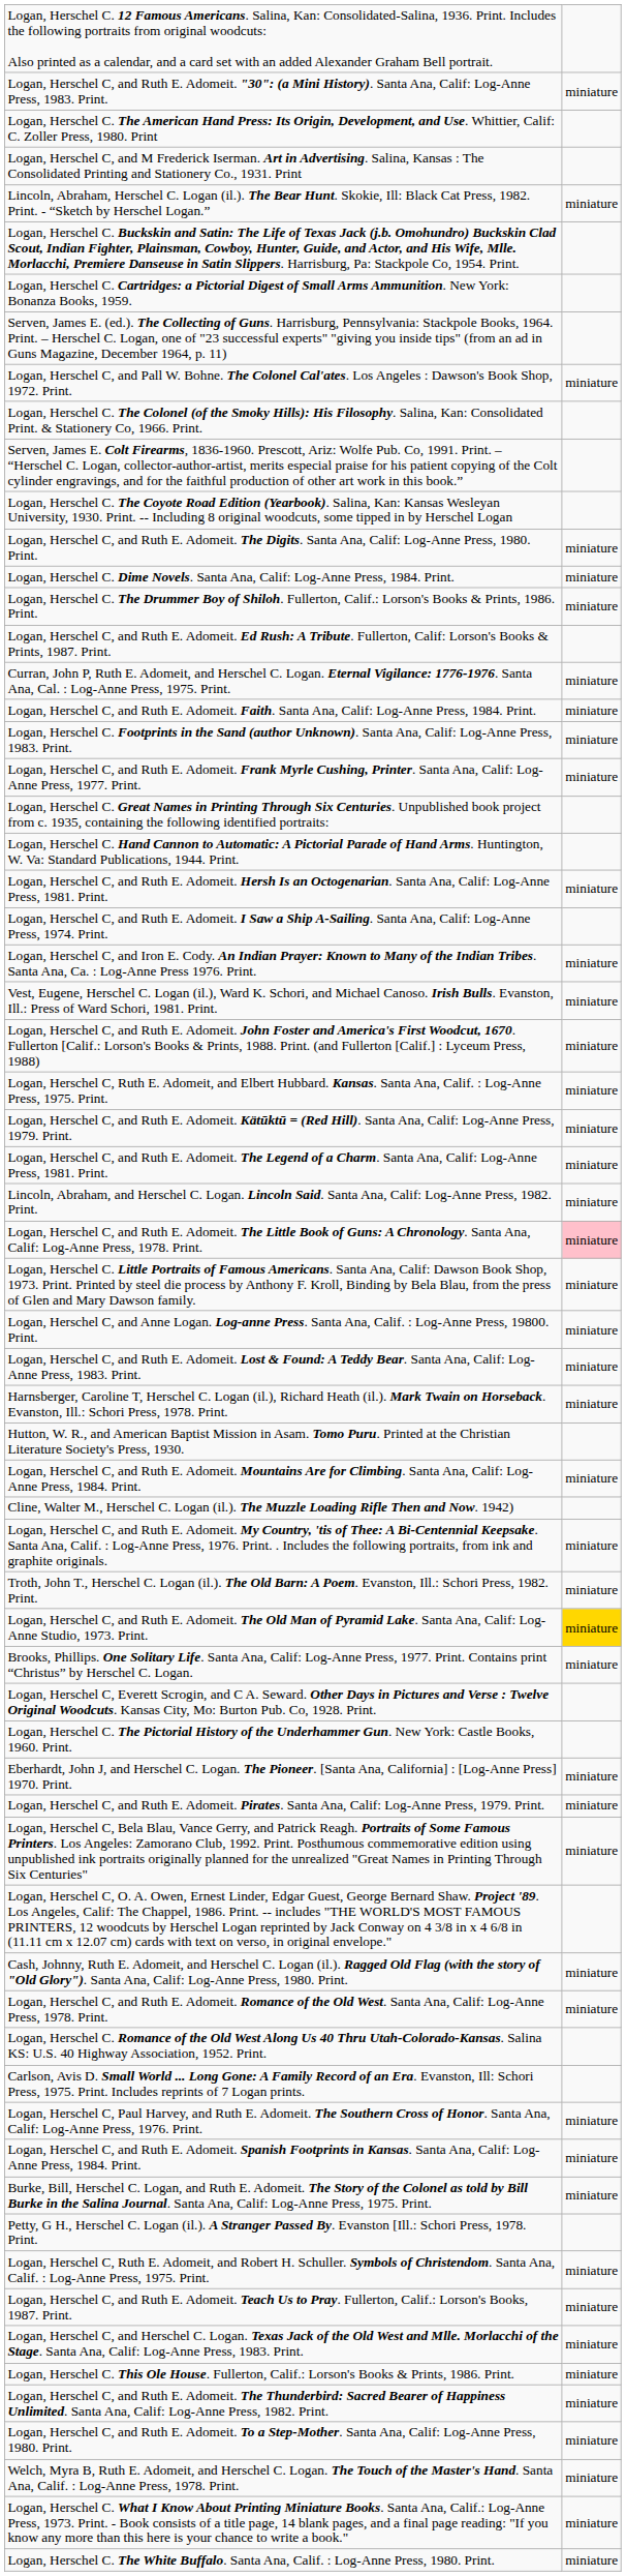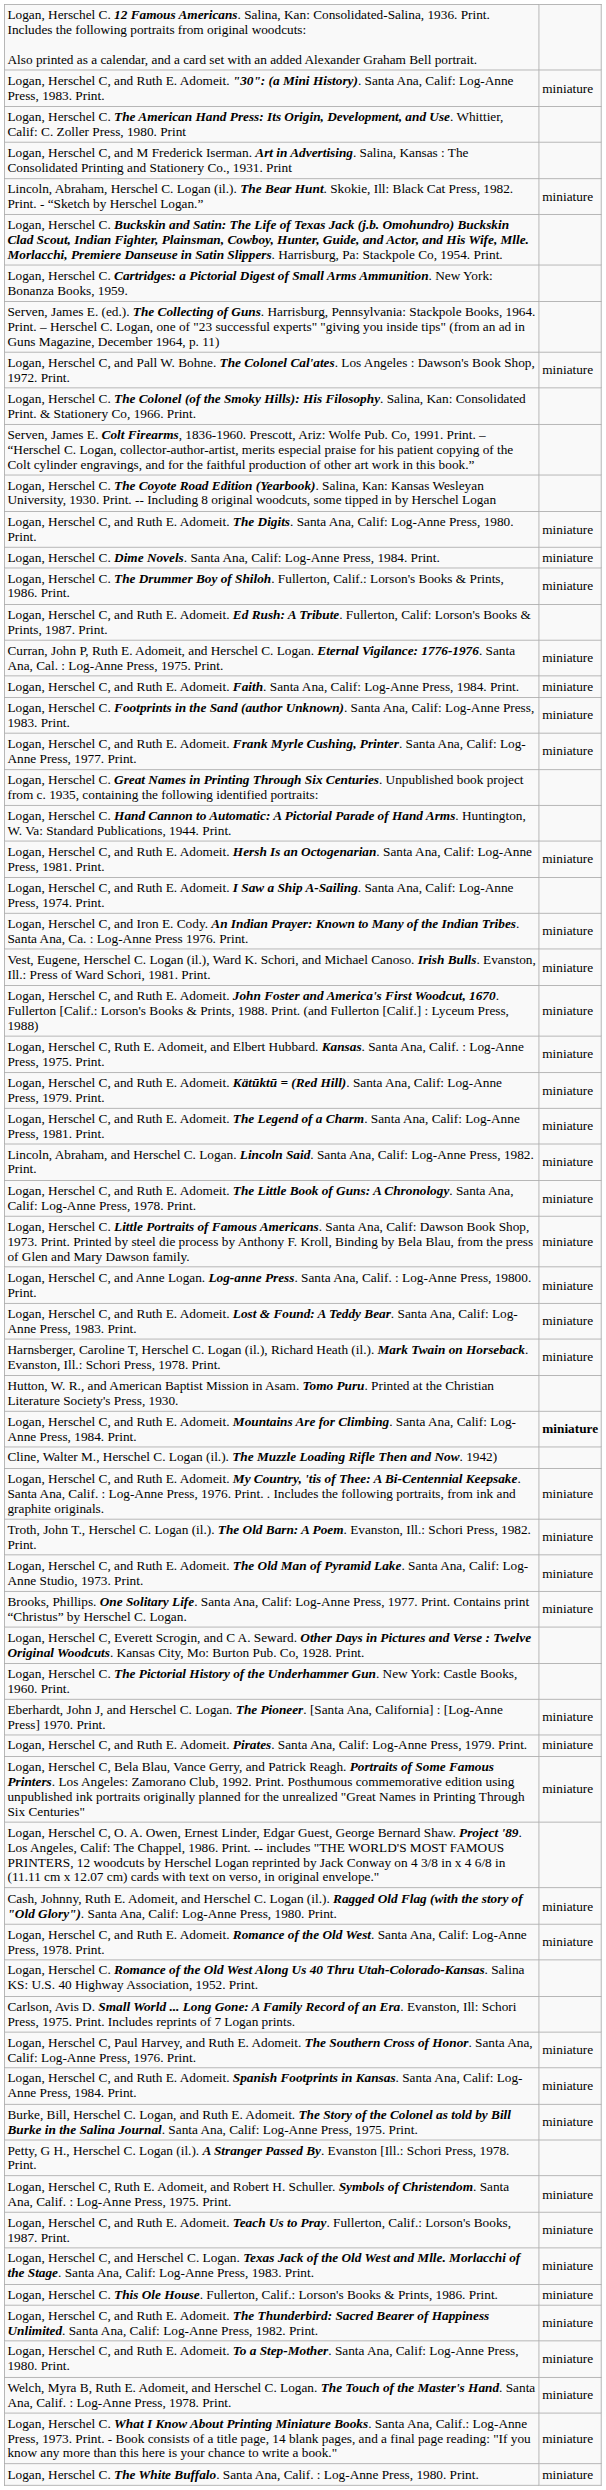 <table class="wikitable" style="max-width: 720px">
 <tr>
 <td>Logan, Herschel C. <strong><em>12 Famous Americans</em></strong>. Salina, Kan: Consolidated-Salina, 1936. Print. Includes the following portraits from original woodcuts:<br><br>Also printed as a calendar, and a card set with an added Alexander Graham Bell portrait.</td>
 <td></td>
 </tr>
 <tr>
 <td>Logan, Herschel C, and Ruth E. Adomeit. <strong><em>"30": (a Mini History)</em></strong>. Santa Ana, Calif: Log-Anne Press, 1983. Print.</td>
 <td><span>miniature</span></td>
 </tr>
 <tr>
 <td>Logan, Herschel C. <strong><em>The American Hand Press: Its Origin, Development, and Use</em></strong>. Whittier, Calif: C. Zoller Press, 1980. Print</td>
 <td></td>
 </tr>
 <tr>
 <td>Logan, Herschel C, and M Frederick Iserman. <strong><em>Art in Advertising</em></strong>. Salina, Kansas : The Consolidated Printing and Stationery Co., 1931. Print</td>
 <td></td>
 </tr>
 <tr>
 <td>Lincoln, Abraham, Herschel C. Logan (il.). <strong><em>The Bear Hunt</em></strong>. Skokie, Ill: Black Cat Press, 1982. Print. - “Sketch by Herschel Logan.”</td>
 <td><span>miniature</span></td>
 </tr>
 <tr>
 <td>Logan, Herschel C. <strong><em>Buckskin and Satin: The Life of Texas Jack (j.b. Omohundro) Buckskin Clad Scout, Indian Fighter, Plainsman, Cowboy, Hunter, Guide, and Actor, and His Wife, Mlle. Morlacchi, Premiere Danseuse in Satin Slippers</em></strong>. Harrisburg, Pa: Stackpole Co, 1954. Print.</td>
 <td></td>
 </tr>
 <tr>
 <td>Logan, Herschel C. <strong><em>Cartridges: a Pictorial Digest of Small Arms Ammunition</em></strong>. New York: Bonanza Books, 1959.</td>
 <td></td>
 </tr>
 <tr>
 <td>Serven, James E. (ed.). <strong><em>The Collecting of Guns</em></strong>. Harrisburg, Pennsylvania: Stackpole Books, 1964. Print. – Herschel C. Logan, one of "23 successful experts" "giving you inside tips" (from an ad in Guns Magazine, December 1964, p. 11)</td>
 <td></td>
 </tr>
 <tr>
 <td>Logan, Herschel C, and Pall W. Bohne. <strong><em>The Colonel Cal'ates</em></strong>. Los Angeles : Dawson's Book Shop, 1972. Print. </td>
 <td><span>miniature</span></td>
 </tr>
 <tr>
 <td>Logan, Herschel C. <strong><em>The Colonel (of the Smoky Hills): His Filosophy</em></strong>. Salina, Kan: Consolidated Print. & Stationery Co, 1966. Print. </td>
 <td></td>
 </tr>
 <tr>
 <td>Serven, James E. <strong><em>Colt Firearms</em></strong>, 1836-1960. Prescott, Ariz: Wolfe Pub. Co, 1991. Print. – “Herschel C. Logan, collector-author-artist, merits especial praise for his patient copying of the Colt cylinder engravings, and for the faithful production of other art work in this book.”</td>
 <td></td>
 </tr>
 <tr>
 <td>Logan, Herschel C. <strong><em>The Coyote Road Edition (Yearbook)</em></strong>. Salina, Kan: Kansas Wesleyan University, 1930. Print. -- Including 8 original woodcuts, some tipped in by Herschel Logan</td>
 <td></td>
 </tr>
 <tr>
 <td>Logan, Herschel C, and Ruth E. Adomeit. <strong><em>The Digits</em></strong>. Santa Ana, Calif: Log-Anne Press, 1980. Print.</td>
 <td><span>miniature</span></td>
 </tr>
 <tr>
 <td>Logan, Herschel C. <strong><em>Dime Novels</em></strong>. Santa Ana, Calif: Log-Anne Press, 1984. Print.</td>
 <td><span>miniature</span></td>
 </tr>
 <tr>
 <td>Logan, Herschel C. <strong><em>The Drummer Boy of Shiloh</em></strong>. Fullerton, Calif.: Lorson's Books & Prints, 1986. Print.</td>
 <td><span>miniature</span></td>
 </tr>
 <tr>
 <td>Logan, Herschel C, and Ruth E. Adomeit. <strong><em>Ed Rush: A Tribute</em></strong>. Fullerton, Calif: Lorson's Books & Prints, 1987. Print.</td>
 <td></td>
 </tr>
 <tr>
 <td>Curran, John P, Ruth E. Adomeit, and Herschel C. Logan. <strong><em>Eternal Vigilance: 1776-1976</em></strong>. Santa Ana, Cal. : Log-Anne Press, 1975. Print.</td>
 <td><span>miniature</span></td>
 </tr>
 <tr>
 <td>Logan, Herschel C, and Ruth E. Adomeit. <strong><em>Faith</em></strong>. Santa Ana, Calif: Log-Anne Press, 1984. Print.</td>
 <td><span>miniature</span></td>
 </tr>
 <tr>
 <td>Logan, Herschel C. <strong><em>Footprints in the Sand (author Unknown)</em></strong>. Santa Ana, Calif: Log-Anne Press, 1983. Print.</td>
 <td><span>miniature</span></td>
 </tr>
 <tr>
 <td>Logan, Herschel C, and Ruth E. Adomeit. <strong><em>Frank Myrle Cushing, Printer</em></strong>. Santa Ana, Calif: Log-Anne Press, 1977. Print.</td>
 <td><span>miniature</span></td>
 </tr>
 <tr>
 <td>Logan, Herschel C. <strong><em>Great Names in Printing Through Six Centuries</em></strong>. Unpublished book project from c. 1935, containing the following identified portraits:<br></td>
 <td></td>
 </tr>
 <tr>
 <td>Logan, Herschel C. <strong><em>Hand Cannon to Automatic: A Pictorial Parade of Hand Arms</em></strong>. Huntington, W. Va: Standard Publications, 1944. Print.</td>
 <td></td>
 </tr>
 <tr>
 <td>Logan, Herschel C, and Ruth E. Adomeit. <strong><em>Hersh Is an Octogenarian</em></strong>. Santa Ana, Calif: Log-Anne Press, 1981. Print.</td>
 <td><span>miniature</span></td>
 </tr>
 <tr>
 <td>Logan, Herschel C, and Ruth E. Adomeit. <strong><em>I Saw a Ship A-Sailing</em></strong>. Santa Ana, Calif: Log-Anne Press, 1974. Print.</td>
 <td></td>
 </tr>
 <tr>
 <td>Logan, Herschel C, and Iron E. Cody. <strong><em>An Indian Prayer: Known to Many of the Indian Tribes</em></strong>. Santa Ana, Ca. : Log-Anne Press 1976. Print.</td>
 <td><span>miniature</span></td>
 </tr>
 <tr>
 <td>Vest, Eugene, Herschel C. Logan (il.), Ward K. Schori, and Michael Canoso. <strong><em>Irish Bulls</em></strong>. Evanston, Ill.: Press of Ward Schori, 1981. Print.</td>
 <td><span>miniature</span></td>
 </tr>
 <tr>
 <td>Logan, Herschel C, and Ruth E. Adomeit. <strong><em>John Foster and America's First Woodcut, 1670</em></strong>. Fullerton [Calif.: Lorson's Books & Prints, 1988. Print. (and Fullerton [Calif.] : Lyceum Press, 1988)</td>
 <td><span>miniature</span></td>
 </tr>
 <tr>
 <td>Logan, Herschel C, Ruth E. Adomeit, and Elbert Hubbard. <strong><em>Kansas</em></strong>. Santa Ana, Calif. : Log-Anne Press, 1975. Print.</td>
 <td><span>miniature</span></td>
 </tr>
 <tr>
 <td>Logan, Herschel C, and Ruth E. Adomeit. <strong><em>Kätūktū = (Red Hill)</em></strong>. Santa Ana, Calif: Log-Anne Press, 1979. Print.</td>
 <td><span>miniature</span></td>
 </tr>
 <tr>
 <td>Logan, Herschel C, and Ruth E. Adomeit. <strong><em>The Legend of a Charm</em></strong>. Santa Ana, Calif: Log-Anne Press, 1981. Print.</td>
 <td><span>miniature</span></td>
 </tr>
 <tr>
 <td>Lincoln, Abraham, and Herschel C. Logan. <strong><em>Lincoln Said</em></strong>. Santa Ana, Calif: Log-Anne Press, 1982. Print.</td>
 <td><span>miniature</span></td>
 </tr>
 <tr>
 <td>Logan, Herschel C, and Ruth E. Adomeit. <strong><em>The Little Book of Guns: A Chronology</em></strong>. Santa Ana, Calif: Log-Anne Press, 1978. Print.</td>
-<td style="background: pink;"><span>miniature</span></td>
+<td><span>miniature</span></td>
 </tr>
 <tr>
 <td>Logan, Herschel C. <strong><em>Little Portraits of Famous Americans</em></strong>. Santa Ana, Calif: Dawson Book Shop, 1973. Print. Printed by steel die process by Anthony F. Kroll, Binding by Bela Blau, from the press of Glen and Mary Dawson family.<br></td>
 <td><span>miniature</span></td>
 </tr>
 <tr>
 <td>Logan, Herschel C, and Anne Logan. <strong><em>Log-anne Press</em></strong>. Santa Ana, Calif. : Log-Anne Press, 19800. Print.</td>
 <td><span>miniature</span></td>
 </tr>
 <tr>
 <td>Logan, Herschel C, and Ruth E. Adomeit. <strong><em>Lost & Found: A Teddy Bear</em></strong>. Santa Ana, Calif: Log-Anne Press, 1983. Print.</td>
 <td><span>miniature</span></td>
 </tr>
 <tr>
 <td>Harnsberger, Caroline T, Herschel C. Logan (il.), Richard Heath (il.). <strong><em>Mark Twain on Horseback</em></strong>. Evanston, Ill.: Schori Press, 1978. Print.</td>
 <td><span>miniature</span></td>
 </tr>
 <tr>
 <td>Hutton, W. R., and American Baptist Mission in Asam. <strong><em>Tomo Puru</em></strong>. Printed at the Christian Literature Society's Press, 1930.</td>
 <td></td>
 </tr>
 <tr>
 <td>Logan, Herschel C, and Ruth E. Adomeit. <strong><em>Mountains Are for Climbing</em></strong>. Santa Ana, Calif: Log-Anne Press, 1984. Print.</td>
-<td><span>miniature</span></td>
+<td><strong><span>miniature</span></strong></td>
 </tr>
 <tr>
 <td>Cline, Walter M., Herschel C. Logan (il.). <strong><em>The Muzzle Loading Rifle Then and Now</em></strong>. 1942)</td>
 <td></td>
 </tr>
 <tr>
 <td>Logan, Herschel C, and Ruth E. Adomeit. <strong><em>My Country, 'tis of Thee: A Bi-Centennial Keepsake</em></strong>. Santa Ana, Calif. : Log-Anne Press, 1976. Print. . Includes the following portraits, from ink and graphite originals.<br></td>
 <td><span>miniature</span></td>
 </tr>
 <tr>
 <td>Troth, John T., Herschel C. Logan (il.). <strong><em>The Old Barn: A Poem</em></strong>. Evanston, Ill.: Schori Press, 1982. Print.</td>
 <td><span>miniature</span></td>
 </tr>
 <tr>
 <td>Logan, Herschel C, and Ruth E. Adomeit. <strong><em>The Old Man of Pyramid Lake</em></strong>. Santa Ana, Calif: Log-Anne Studio, 1973. Print.</td>
-<td style="background: gold;"><span>miniature</span></td>
+<td><span>miniature</span></td>
 </tr>
 <tr>
 <td>Brooks, Phillips. <strong><em>One Solitary Life</em></strong>. Santa Ana, Calif: Log-Anne Press, 1977. Print. Contains print “Christus” by Herschel C. Logan. </td>
 <td><span>miniature</span></td>
 </tr>
 <tr>
 <td>Logan, Herschel C, Everett Scrogin, and C A. Seward. <strong><em>Other Days in Pictures and Verse : Twelve Original Woodcuts</em></strong>. Kansas City, Mo: Burton Pub. Co, 1928. Print. </td>
 <td></td>
 </tr>
 <tr>
 <td>Logan, Herschel C. <strong><em>The Pictorial History of the Underhammer Gun</em></strong>. New York: Castle Books, 1960. Print.</td>
 <td></td>
 </tr>
 <tr>
 <td>Eberhardt, John J, and Herschel C. Logan. <strong><em>The Pioneer</em></strong>. [Santa Ana, California] : [Log-Anne Press] 1970. Print.</td>
 <td><span>miniature</span></td>
 </tr>
 <tr>
 <td>Logan, Herschel C, and Ruth E. Adomeit. <strong><em>Pirates</em></strong>. Santa Ana, Calif: Log-Anne Press, 1979. Print.</td>
 <td><span>miniature</span></td>
 </tr>
 <tr>
 <td>Logan, Herschel C, Bela Blau, Vance Gerry, and Patrick Reagh. <strong><em>Portraits of Some Famous Printers</em></strong>. Los Angeles: Zamorano Club, 1992. Print. Posthumous commemorative edition using unpublished ink portraits originally planned for the unrealized "Great Names in Printing Through Six Centuries"<br></td>
 <td><span>miniature</span></td>
 </tr>
 <tr>
 <td>Logan, Herschel C, O. A. Owen, Ernest Linder, Edgar Guest, George Bernard Shaw. <strong><em>Project '89</em></strong>. Los Angeles, Calif: The Chappel, 1986. Print. -- includes "THE WORLD'S MOST FAMOUS PRINTERS, 12 woodcuts by Herschel Logan reprinted by Jack Conway on 4 3/8 in x 4 6/8 in<br>(11.11 cm x 12.07 cm) cards with text on verso, in original envelope."</td>
 <td></td>
 </tr>
 <tr>
 <td>Cash, Johnny, Ruth E. Adomeit, and Herschel C. Logan (il.). <strong><em>Ragged Old Flag (with the story of "Old Glory")</em></strong>. Santa Ana, Calif: Log-Anne Press, 1980. Print.</td>
 <td><span>miniature</span></td>
 </tr>
 <tr>
 <td>Logan, Herschel C, and Ruth E. Adomeit. <strong><em>Romance of the Old West</em></strong>. Santa Ana, Calif: Log-Anne Press, 1978. Print.</td>
 <td><span>miniature</span></td>
 </tr>
 <tr>
 <td>Logan, Herschel C. <strong><em>Romance of the Old West Along Us 40 Thru Utah-Colorado-Kansas</em></strong>. Salina KS: U.S. 40 Highway Association, 1952. Print. </td>
 <td></td>
 </tr>
 <tr>
 <td>Carlson, Avis D. <strong><em>Small World ... Long Gone: A Family Record of an Era</em></strong>. Evanston, Ill: Schori Press, 1975. Print. Includes reprints of 7 Logan prints.</td>
 <td></td>
 </tr>
 <tr>
 <td>Logan, Herschel C, Paul Harvey, and Ruth E. Adomeit. <strong><em>The Southern Cross of Honor</em></strong>. Santa Ana, Calif: Log-Anne Press, 1976. Print.</td>
 <td><span>miniature</span></td>
 </tr>
 <tr>
 <td>Logan, Herschel C, and Ruth E. Adomeit. <strong><em>Spanish Footprints in Kansas</em></strong>. Santa Ana, Calif: Log-Anne Press, 1984. Print.</td>
 <td><span>miniature</span></td>
 </tr>
 <tr>
 <td>Burke, Bill, Herschel C. Logan, and Ruth E. Adomeit. <strong><em>The Story of the Colonel as told by Bill Burke in the Salina Journal</em></strong>. Santa Ana, Calif: Log-Anne Press, 1975. Print.  </td>
 <td><span>miniature</span></td>
 </tr>
 <tr>
 <td>Petty, G H., Herschel C. Logan (il.). <strong><em>A Stranger Passed By</em></strong>. Evanston [Ill.: Schori Press, 1978. Print.</td>
 <td></td>
 </tr>
 <tr>
 <td>Logan, Herschel C, Ruth E. Adomeit, and Robert H. Schuller. <strong><em>Symbols of Christendom</em></strong>. Santa Ana, Calif. : Log-Anne Press, 1975. Print.</td>
 <td><span>miniature</span></td>
 </tr>
 <tr>
 <td>Logan, Herschel C, and Ruth E. Adomeit. <strong><em>Teach Us to Pray</em></strong>. Fullerton, Calif.: Lorson's Books, 1987. Print.</td>
 <td><span>miniature</span></td>
 </tr>
 <tr>
 <td>Logan, Herschel C, and Herschel C. Logan. <strong><em>Texas Jack of the Old West and Mlle. Morlacchi of the Stage</em></strong>. Santa Ana, Calif: Log-Anne Press, 1983. Print.</td>
 <td><span>miniature</span></td>
 </tr>
 <tr>
 <td>Logan, Herschel C. <strong><em>This Ole House</em></strong>. Fullerton, Calif.: Lorson's Books & Prints, 1986. Print.</td>
 <td><span>miniature</span></td>
 </tr>
 <tr>
 <td>Logan, Herschel C, and Ruth E. Adomeit. <strong><em>The Thunderbird: Sacred Bearer of Happiness Unlimited</em></strong>. Santa Ana, Calif: Log-Anne Press, 1982. Print.</td>
 <td><span>miniature</span></td>
 </tr>
 <tr>
 <td>Logan, Herschel C, and Ruth E. Adomeit. <strong><em>To a Step-Mother</em></strong>. Santa Ana, Calif: Log-Anne Press, 1980. Print.</td>
 <td><span>miniature</span></td>
 </tr>
 <tr>
 <td>Welch, Myra B, Ruth E. Adomeit, and Herschel C. Logan. <strong><em>The Touch of the Master's Hand</em></strong>. Santa Ana, Calif. : Log-Anne Press, 1978. Print.</td>
 <td><span>miniature</span></td>
 </tr>
 <tr>
 <td>Logan, Herschel C. <strong><em>What I Know About Printing Miniature Books</em></strong>. Santa Ana, Calif.: Log-Anne Press, 1973. Print. - Book consists of a title page, 14 blank pages, and a final page reading: "If you know any more than this here is your chance to write a book."</td>
 <td><span>miniature</span></td>
 </tr>
 <tr>
 <td>Logan, Herschel C. <strong><em>The White Buffalo</em></strong>. Santa Ana, Calif. : Log-Anne Press, 1980. Print.</td>
 <td><span>miniature</span></td>
 </tr>
 </table>
